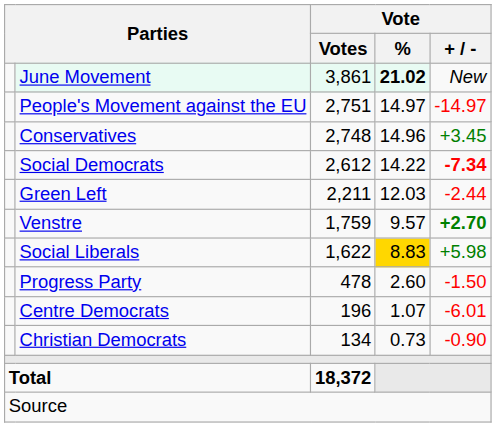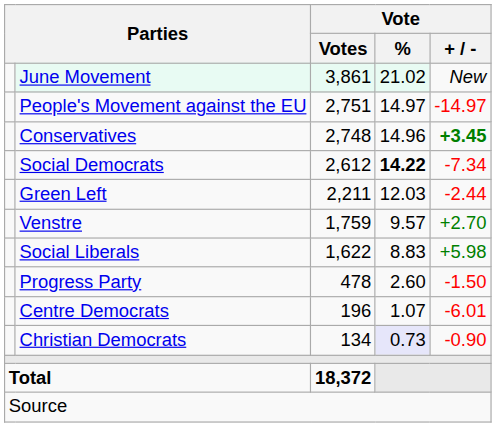 <table class="wikitable" style="text-align:right;">
 <tr>
 <th style="text-align:centre;" rowspan="2" colspan="2" width="225">Parties</th>
 <th colspan="3">Vote</th>
 </tr>
 <tr>
 <th width="15">Votes</th>
 <th width="15">%</th>
 <th width="15">+ / -</th>
 </tr>
 <tr>
 <td width="2" style="color:inherit;background:"></td>
 <td bgcolor=#e8fbf3   align="left"><a href='#'>June Movement</a></td>
 <td bgcolor=#e8fbf3>3,861</td>
-<td bgcolor=#e8fbf3><strong>21.02</strong></td>
+<td bgcolor=#e8fbf3>21.02</td>
 <td><em>New</em></td>
 </tr>
 <tr>
 <td width="2" style="color:inherit;background:"></td>
 <td align="left"><a href='#'>People's Movement against the EU</a></td>
 <td>2,751</td>
 <td>14.97</td>
 <td style=color:red;>-14.97</td>
 </tr>
 <tr>
 <td width="2" style="color:inherit;background:"></td>
 <td align="left"><a href='#'>Conservatives</a></td>
 <td>2,748</td>
 <td>14.96</td>
-<td style=color:green;>+3.45</td>
+<td style=color:green;><strong>+3.45</strong></td>
 </tr>
 <tr>
 <td width="2" style="color:inherit;background:"></td>
 <td align="left"><a href='#'>Social Democrats</a></td>
 <td>2,612</td>
-<td>14.22</td>
-<td style=color:red;><strong>-7.34</strong></td>
+<td><strong>14.22</strong></td>
+<td style=color:red;>-7.34</td>
 </tr>
 <tr>
 <td width="2" style="color:inherit;background:"></td>
 <td align="left"><a href='#'>Green Left</a></td>
 <td>2,211</td>
 <td>12.03</td>
 <td style=color:red;>-2.44</td>
 </tr>
 <tr>
 <td width="2" style="color:inherit;background:"></td>
 <td align="left"><a href='#'>Venstre</a></td>
 <td>1,759</td>
 <td>9.57</td>
-<td style=color:green;><strong>+2.70</strong></td>
+<td style=color:green;>+2.70</td>
 </tr>
 <tr>
 <td width="2" style="color:inherit;background:"></td>
 <td align="left"><a href='#'>Social Liberals</a></td>
 <td>1,622</td>
-<td style="background: gold;">8.83</td>
+<td>8.83</td>
 <td style=color:green;>+5.98</td>
 </tr>
 <tr>
 <td width="2" style="color:inherit;background:"></td>
 <td align="left"><a href='#'>Progress Party</a></td>
 <td>478</td>
 <td>2.60</td>
 <td style=color:red;>-1.50</td>
 </tr>
 <tr>
 <td width="2" style="color:inherit;background:"></td>
 <td align="left"><a href='#'>Centre Democrats</a></td>
 <td>196</td>
 <td>1.07</td>
 <td style=color:red;>-6.01</td>
 </tr>
 <tr>
 <td width="2" style="color:inherit;background:"></td>
 <td align="left"><a href='#'>Christian Democrats</a></td>
 <td>134</td>
-<td>0.73</td>
+<td style="background: lavender;">0.73</td>
 <td style=color:red;>-0.90</td>
 </tr>
 <tr>
 <td colspan="7" bgcolor="#E9E9E9"></td>
 </tr>
 <tr>
 <td align="left" colspan="2"><strong>Total</strong></td>
 <td><strong>18,372</strong></td>
 <td bgcolor="#E9E9E9" colspan="2"></td>
 </tr>
 <tr>
 <td align="left" colspan="6">Source</td>
 </tr>
 </table>
